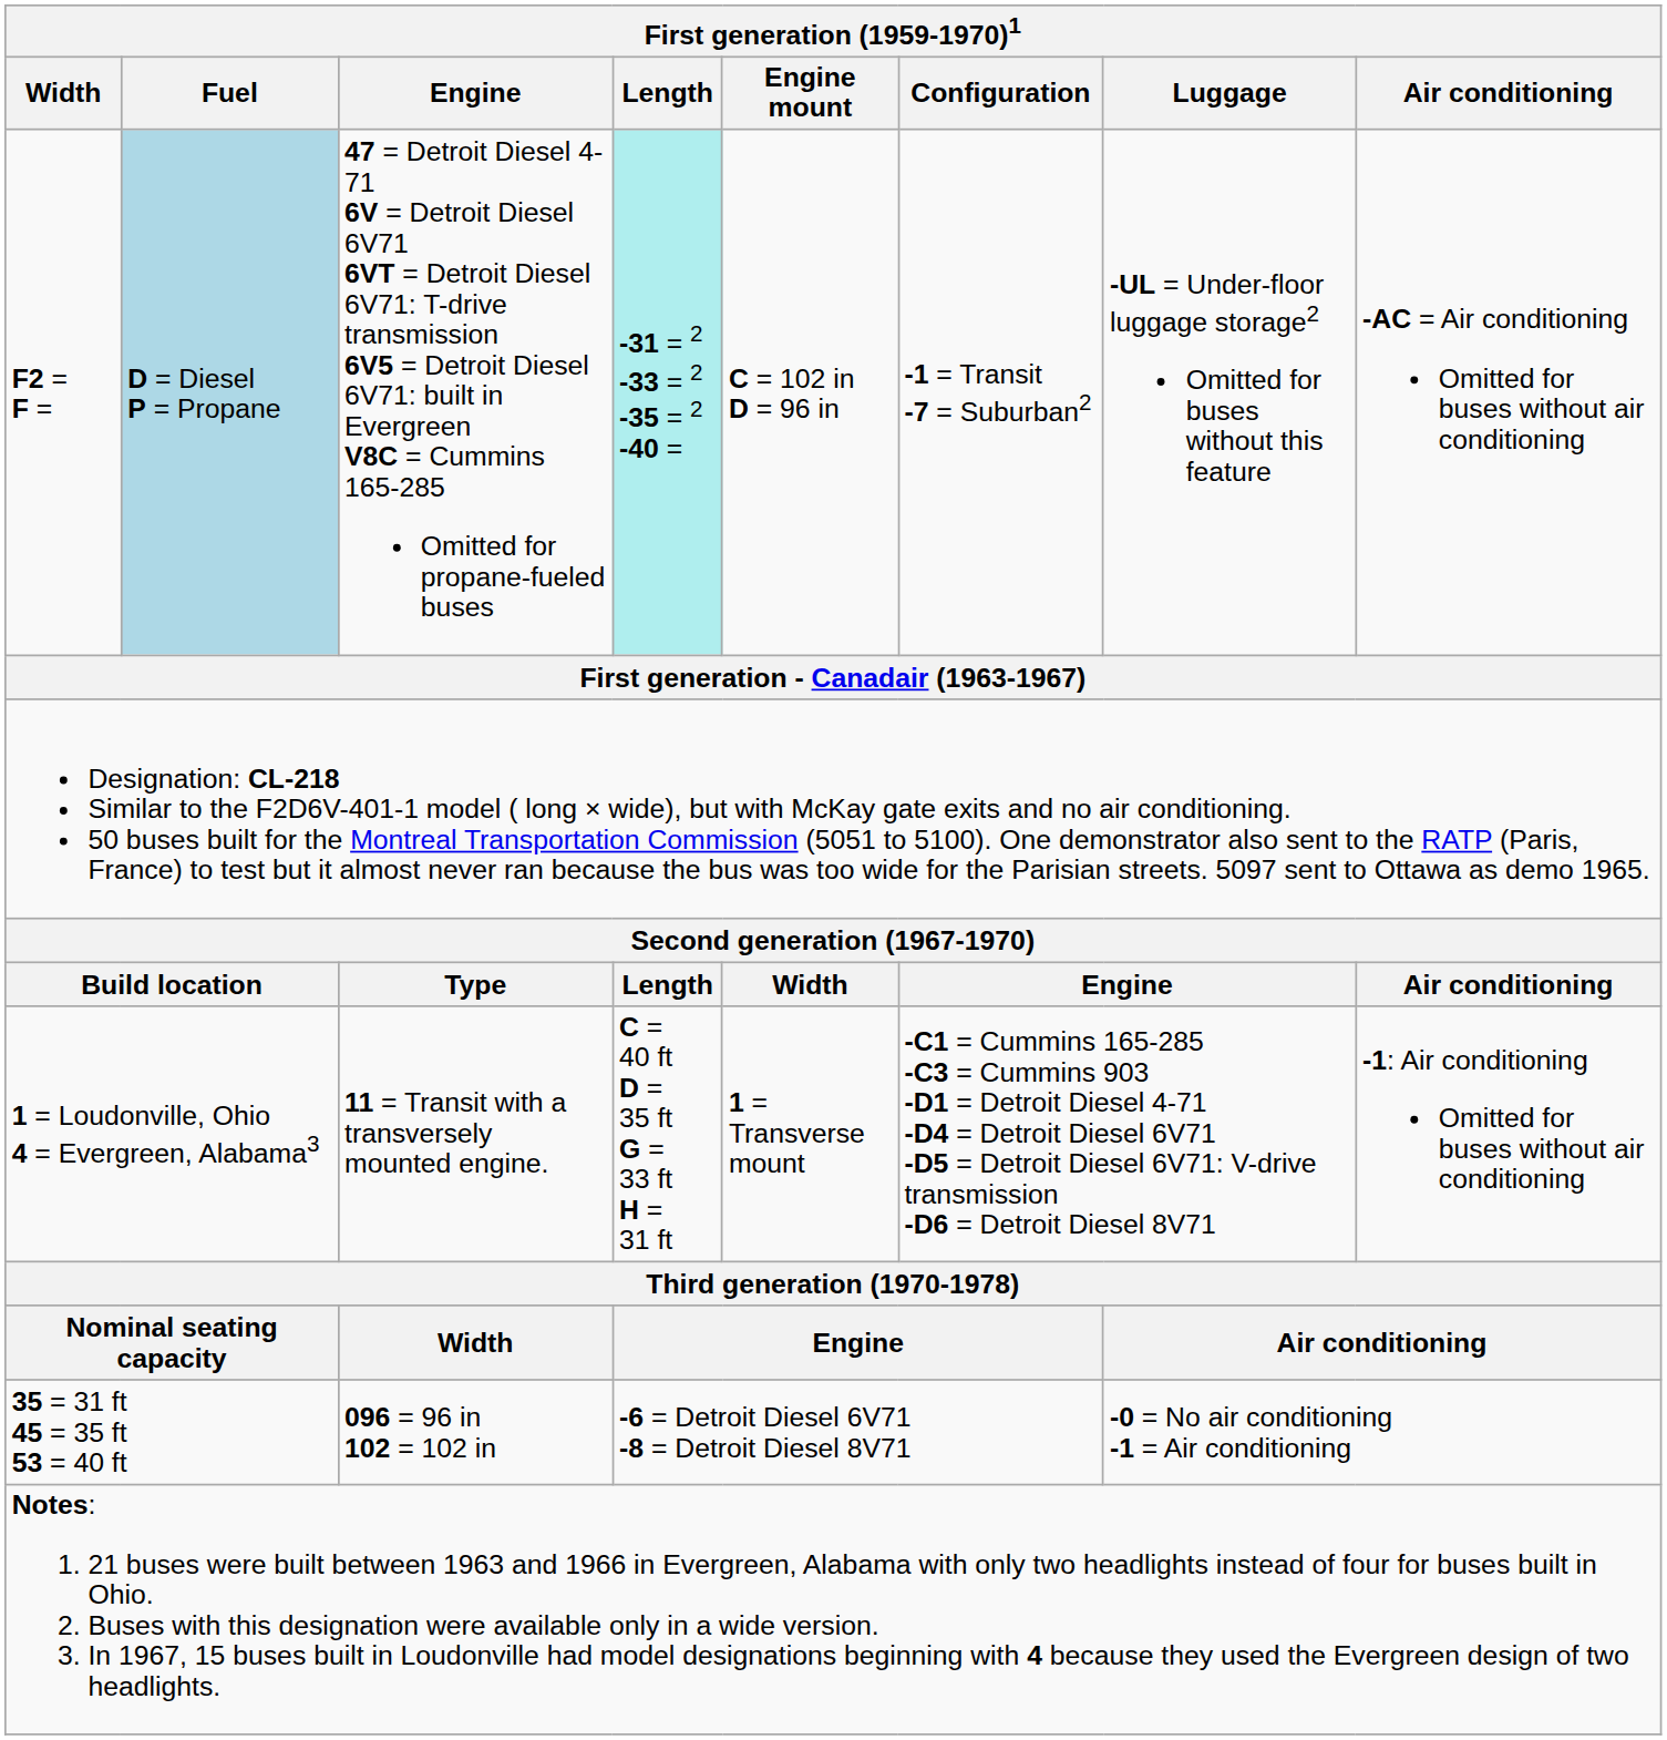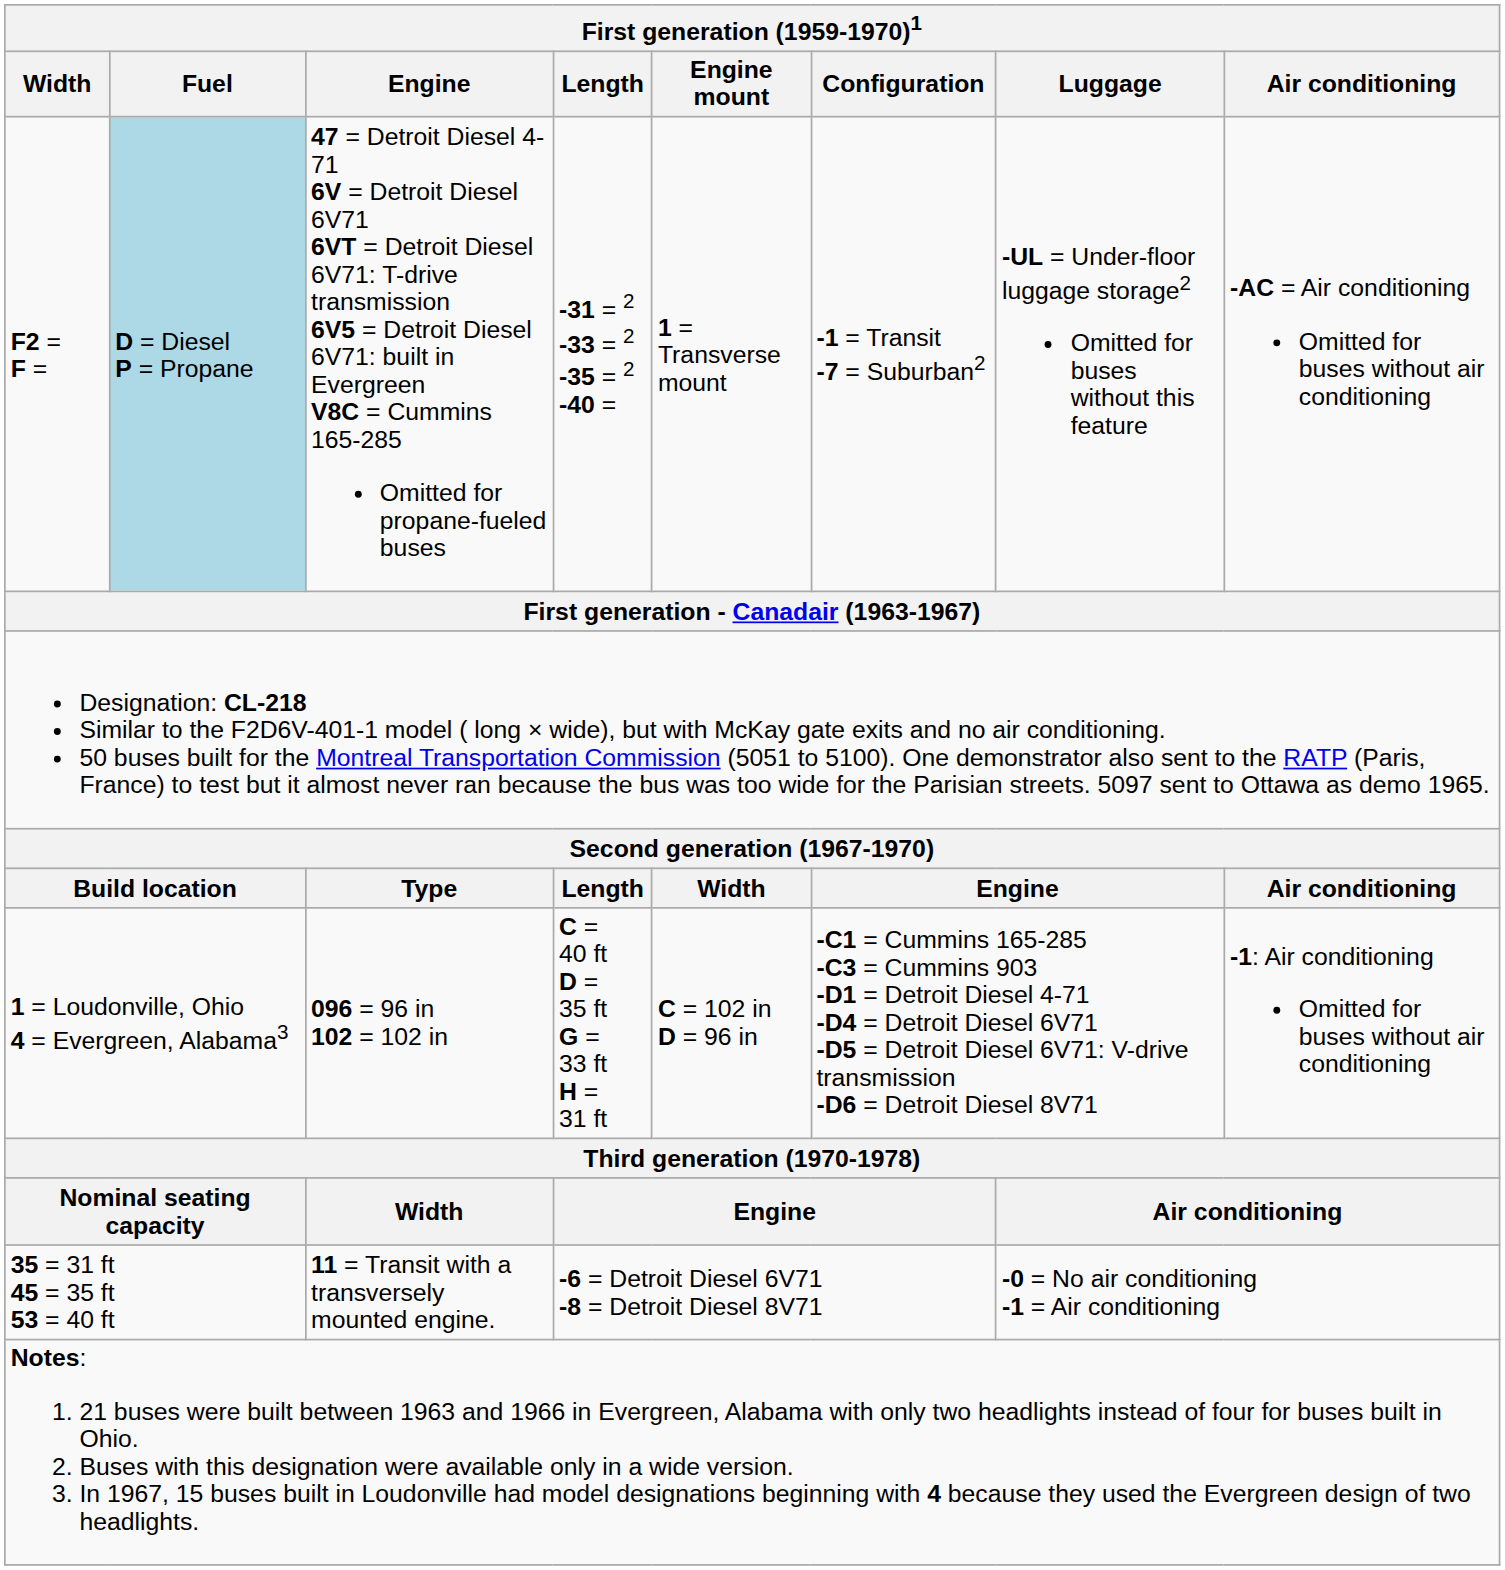 <table class="wikitable" style="font-size: 90%;" |>
 <tr>
 <th colspan=8>First generation (1959-1970)<sup>1</sup></th>
 </tr>
 <tr>
 <th>Width</th>
 <th>Fuel</th>
 <th>Engine</th>
 <th>Length</th>
 <th>Engine mount</th>
 <th>Configuration</th>
 <th>Luggage</th>
 <th>Air conditioning</th>
 </tr>
 <tr>
 <td><strong>F2</strong> = <br><strong>F</strong>    = </td>
 <td nowrap style="background: lightblue;"><strong>D</strong> = Diesel<br><strong>P</strong> = Propane</td>
 <td><strong>47</strong> = Detroit Diesel 4-71<br><strong>6V</strong> = Detroit Diesel 6V71<br><strong>6VT</strong> = Detroit Diesel 6V71: T-drive transmission<br><strong>6V5</strong> = Detroit Diesel 6V71: built in Evergreen<br><strong>V8C</strong> = Cummins 165-285<br><ul><li>Omitted for propane-fueled buses</li></ul></td>
-<td nowrap style="background: paleturquoise;"><strong>-31</strong> = <sup>2</sup><br><strong>-33</strong> = <sup>2</sup><br><strong>-35</strong> = <sup>2</sup><br><strong>-40</strong> = </td>
-<td><strong>C</strong> =  102 in<br><strong>D</strong> =  96 in</td>
+<td nowrap><strong>-31</strong> = <sup>2</sup><br><strong>-33</strong> = <sup>2</sup><br><strong>-35</strong> = <sup>2</sup><br><strong>-40</strong> = </td>
+<td><strong>1</strong> = Transverse mount</td>
 <td nowrap><strong>-1</strong> = Transit<br><strong>-7</strong> = Suburban<sup>2</sup></td>
 <td><strong>-UL</strong> = Under-floor luggage storage<sup>2</sup><br><ul><li>Omitted for buses without this feature</li></ul></td>
 <td><strong>-AC</strong> = Air conditioning<br><ul><li>Omitted for buses without air conditioning</li></ul></td>
 </tr>
 <tr>
 <th colspan=8>First generation - <a href='#'>Canadair</a> (1963-1967)</th>
 </tr>
 <tr>
 <td colspan=8><br><ul><li>Designation: <strong>CL-218</strong></li><li>Similar to the F2D6V-401-1 model ( long ×  wide), but with McKay gate exits and no air conditioning.</li><li>50 buses built for the <a href='#'>Montreal Transportation Commission</a> (5051 to 5100). One demonstrator also sent to the <a href='#'>RATP</a> (Paris, France) to test but it almost never ran because the bus was too wide for the Parisian streets. 5097 sent to Ottawa as demo 1965.</li></ul></td>
 </tr>
 <tr>
 <th colspan=9>Second generation (1967-1970)</th>
 </tr>
 <tr>
 <th colspan=2>Build location</th>
 <th>Type</th>
 <th>Length</th>
 <th>Width</th>
 <th colspan=2>Engine</th>
 <th>Air conditioning</th>
 </tr>
 <tr>
 <td nowrap colspan=2><strong>1</strong> =  Loudonville, Ohio<br><strong>4</strong> =  Evergreen, Alabama<sup>3</sup></td>
-<td><strong>11</strong> =  Transit with a transversely mounted engine.</td>
+<td><strong>096</strong> = 96 in<br><strong>102</strong> = 102 in</td>
 <td><strong>C</strong> =  40 ft<br><strong>D</strong> =  35 ft<br><strong>G</strong> =  33 ft<br><strong>H</strong> =  31 ft</td>
-<td><strong>1</strong> = Transverse mount</td>
+<td><strong>C</strong> =  102 in<br><strong>D</strong> =  96 in</td>
 <td colspan=2><strong>-C1</strong> =  Cummins 165-285<br><strong>-C3</strong> =  Cummins 903<br><strong>-D1</strong> =  Detroit Diesel 4-71<br><strong>-D4</strong> =  Detroit Diesel 6V71<br><strong>-D5</strong> =  Detroit Diesel 6V71: V-drive transmission<br><strong>-D6</strong> =  Detroit Diesel 8V71</td>
 <td><strong>-1</strong>: Air conditioning<br><ul><li>Omitted for buses without air conditioning</li></ul></td>
 </tr>
 <tr>
 <th colspan=8>Third generation (1970-1978)</th>
 </tr>
 <tr>
 <th colspan=2>Nominal seating capacity</th>
 <th>Width</th>
 <th colspan=3>Engine</th>
 <th colspan=2>Air conditioning</th>
 </tr>
 <tr>
 <td colspan=2><strong>35</strong> = 31 ft<br><strong>45</strong> = 35 ft<br><strong>53</strong> = 40 ft</td>
-<td><strong>096</strong> = 96 in<br><strong>102</strong> = 102 in</td>
+<td><strong>11</strong> =  Transit with a transversely mounted engine.</td>
 <td colspan=3><strong>-6</strong> = Detroit Diesel 6V71<br><strong>-8</strong> = Detroit Diesel 8V71</td>
 <td colspan=2><strong>-0</strong> = No air conditioning<br><strong>-1</strong> = Air conditioning</td>
 </tr>
 <tr>
 <td colspan=9><strong>Notes</strong>:<br><ol><li>21 buses were built between 1963 and 1966 in Evergreen, Alabama with only two headlights instead of four for buses built in Ohio.</li><li>Buses with this designation were available only in a  wide version.</li><li>In 1967, 15 buses built in Loudonville had model designations beginning with <strong>4</strong> because they used the Evergreen design of two headlights.</li></ol></td>
 </tr>
 </table>
